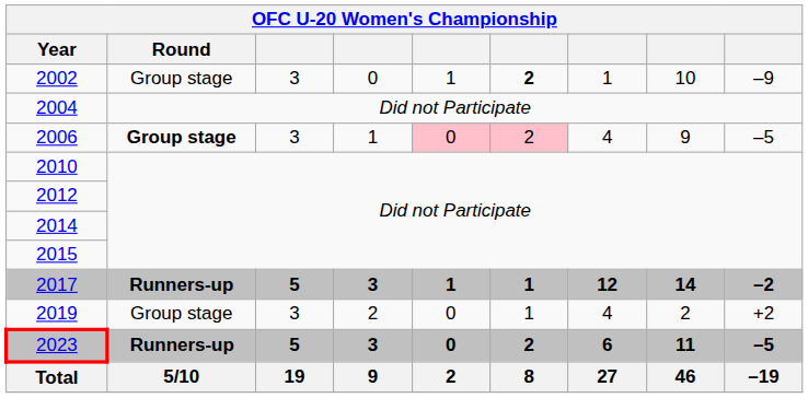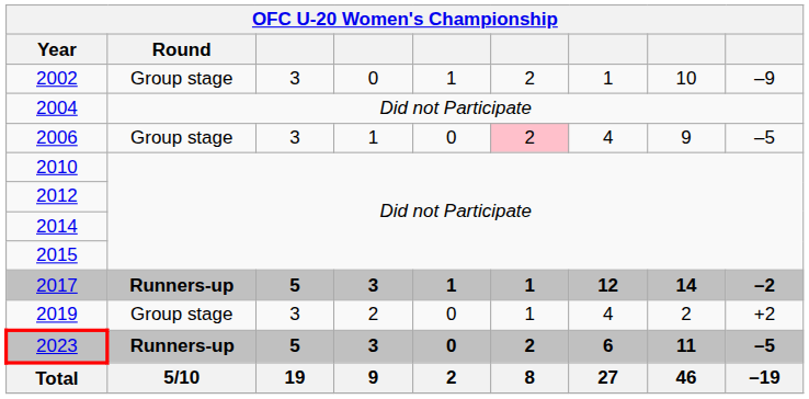 <table class="wikitable" style="text-align: center;">
 <tr>
 <th colspan=10><a href='#'>OFC U-20 Women's Championship</a></th>
 </tr>
 <tr>
 <th width=80>Year</th>
 <th width=120>Round</th>
 <th width=60></th>
 <th width=60></th>
 <th width=60></th>
 <th width=60></th>
 <th width=60></th>
 <th width=60></th>
 <th width=60></th>
 </tr>
 <tr>
 <td> <a href='#'>2002</a></td>
 <td>Group stage</td>
 <td>3</td>
 <td>0</td>
 <td>1</td>
-<td><strong>2</strong></td>
+<td>2</td>
 <td>1</td>
 <td>10</td>
 <td>–9</td>
 </tr>
 <tr>
 <td> <a href='#'>2004</a></td>
 <td colspan=8><em>Did not Participate</em></td>
 </tr>
 <tr>
 <td> <a href='#'>2006</a></td>
-<td><strong>Group stage</strong></td>
+<td>Group stage</td>
 <td>3</td>
 <td>1</td>
-<td style="background: pink;">0</td>
+<td>0</td>
 <td style="background: pink;">2</td>
 <td>4</td>
 <td>9</td>
 <td>–5</td>
 </tr>
 <tr>
 <td> <a href='#'>2010</a></td>
 <td rowspan=4 colspan=8><em>Did not Participate</em></td>
 </tr>
 <tr>
 <td> <a href='#'>2012</a></td>
 </tr>
 <tr>
 <td> <a href='#'>2014</a></td>
 </tr>
 <tr>
 <td> <a href='#'>2015</a></td>
 </tr>
 <tr bgcolor=silver>
 <td> <a href='#'>2017</a></td>
 <td><strong>Runners-up</strong></td>
 <td><strong>5</strong></td>
 <td><strong>3</strong></td>
 <td><strong>1</strong></td>
 <td><strong>1</strong></td>
 <td><strong>12</strong></td>
 <td><strong>14</strong></td>
 <td><strong>–2</strong></td>
 </tr>
 <tr>
 <td> <a href='#'>2019</a></td>
 <td>Group stage</td>
 <td>3</td>
 <td>2</td>
 <td>0</td>
 <td>1</td>
 <td>4</td>
 <td>2</td>
 <td>+2</td>
 </tr>
 <tr bgcolor=silver>
 <td style="border: 3px solid red"> <a href='#'>2023</a></td>
 <td><strong>Runners-up</strong></td>
 <td><strong>5</strong></td>
 <td><strong>3</strong></td>
 <td><strong>0</strong></td>
 <td><strong>2</strong></td>
 <td><strong>6</strong></td>
 <td><strong>11</strong></td>
 <td><strong>–5</strong></td>
 </tr>
 <tr>
 <th><strong>Total</strong></th>
 <th><strong>5/10</strong></th>
 <th><strong>19</strong></th>
 <th><strong>9</strong></th>
 <th><strong>2</strong></th>
 <th><strong>8</strong></th>
 <th><strong>27</strong></th>
 <th><strong>46</strong></th>
 <th><strong>–19</strong></th>
 </tr>
 <tr>
 </tr>
 </table>
